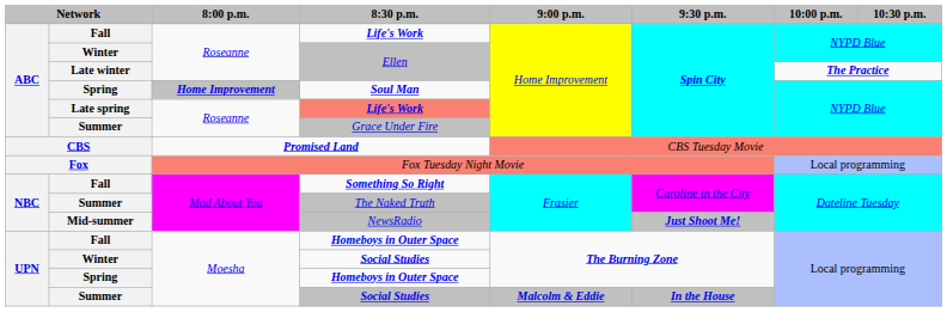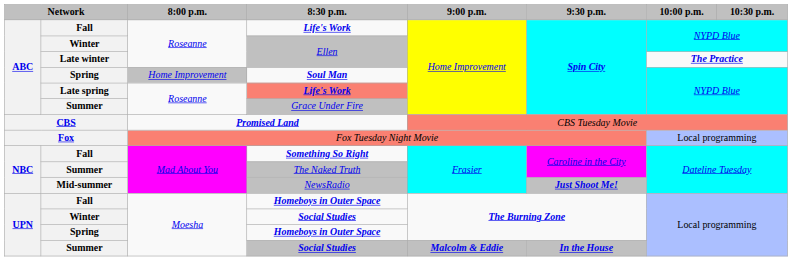 <table class="wikitable" style="width:100%;margin-right:0;text-align:center">
 <tr>
 <th colspan="2" style="background-color:#C0C0C0">Network</th>
 <th style="background-color:#C0C0C0;text-align:center">8:00 p.m.</th>
 <th style="background-color:#C0C0C0;text-align:center">8:30 p.m.</th>
 <th style="background-color:#C0C0C0;text-align:center">9:00 p.m.</th>
 <th style="background-color:#C0C0C0;text-align:center">9:30 p.m.</th>
 <th style="background-color:#C0C0C0;text-align:center">10:00 p.m.</th>
 <th style="background-color:#C0C0C0;text-align:center">10:30 p.m.</th>
 </tr>
 <tr>
 <th rowspan="6"><a href='#'>ABC</a></th>
 <th>Fall</th>
 <td rowspan="3"><em><a href='#'>Roseanne</a></em></td>
 <td><strong><em><a href='#'>Life's Work</a></em></strong></td>
 <td rowspan="6" style="background:yellow;"><em><a href='#'>Home Improvement</a></em> </td>
 <td rowspan="6" style="background:cyan;"><strong><em><a href='#'>Spin City</a></em></strong> </td>
 <td rowspan="2" colspan="2" style="background:cyan;"><em><a href='#'>NYPD Blue</a></em> </td>
 </tr>
 <tr>
 <th>Winter</th>
 <td rowspan="2" style="background:#C0C0C0;"><em><a href='#'>Ellen</a></em> </td>
 </tr>
 <tr>
 <th>Late winter</th>
 <td colspan="2"><strong><em><a href='#'>The Practice</a></em></strong></td>
 </tr>
 <tr>
 <th>Spring</th>
-<td style="background:#C0C0C0;"><strong><em><a href='#'>Home Improvement</a></em> </strong></td>
+<td style="background:#C0C0C0;"><em><a href='#'>Home Improvement</a></em> </td>
 <td><strong><em><a href='#'>Soul Man</a></em></strong></td>
 <td rowspan="3" colspan="2" style="background:cyan;"><em><a href='#'>NYPD Blue</a></em> </td>
 </tr>
 <tr>
 <th>Late spring</th>
 <td rowspan="2"><em><a href='#'>Roseanne</a></em></td>
 <td style="background:#FA8072;"><strong><em><a href='#'>Life's Work</a></em></strong></td>
 </tr>
 <tr>
 <th>Summer</th>
 <td style="background:#C0C0C0;"><em><a href='#'>Grace Under Fire</a></em> </td>
 </tr>
 <tr>
 <th colspan="2"><a href='#'>CBS</a></th>
 <td colspan="2"><strong><em><a href='#'>Promised Land</a></em></strong></td>
 <td colspan="4" style="background:#FA8072;"><em>CBS Tuesday Movie</em></td>
 </tr>
 <tr>
 <th colspan="2"><a href='#'>Fox</a></th>
 <td colspan="4" style="background:#FA8072;"><em>Fox Tuesday Night Movie</em></td>
 <td colspan="2" style="background:#abbfff;">Local programming</td>
 </tr>
 <tr>
 <th rowspan="3"><a href='#'>NBC</a></th>
 <th>Fall</th>
 <td rowspan="3" style="background:magenta;"><em><a href='#'>Mad About You</a></em> </td>
 <td><strong><em><a href='#'>Something So Right</a></em></strong></td>
 <td rowspan="3" style="background:cyan;"><em><a href='#'>Frasier</a></em> </td>
 <td rowspan="2" style="background:magenta;"><em><a href='#'>Caroline in the City</a></em> </td>
 <td colspan="2" rowspan="3" style="background:cyan;"><em><a href='#'>Dateline Tuesday</a></em> </td>
 </tr>
 <tr>
 <th>Summer</th>
 <td style="background:#C0C0C0;"><em><a href='#'>The Naked Truth</a></em> </td>
 </tr>
 <tr>
 <th>Mid-summer</th>
 <td style="background:#C0C0C0;"><em><a href='#'>NewsRadio</a></em> </td>
 <td style="background:#C0C0C0;"><strong><em><a href='#'>Just Shoot Me!</a></em></strong> </td>
 </tr>
 <tr>
 <th rowspan="4"><a href='#'>UPN</a></th>
 <th>Fall</th>
 <td rowspan="4"><em><a href='#'>Moesha</a></em></td>
 <td><strong><em><a href='#'>Homeboys in Outer Space</a></em></strong></td>
 <td rowspan="3" colspan="2"><strong><em><a href='#'>The Burning Zone</a></em></strong></td>
 <td rowspan="4" colspan="2" style="background:#abbfff;">Local programming</td>
 </tr>
 <tr>
 <th>Winter</th>
 <td><strong><em><a href='#'>Social Studies</a></em></strong></td>
 </tr>
 <tr>
 <th>Spring</th>
 <td><strong><em><a href='#'>Homeboys in Outer Space</a></em></strong></td>
 </tr>
 <tr>
 <th>Summer</th>
 <td style="background:#C0C0C0;"><strong><em><a href='#'>Social Studies</a></em></strong> </td>
 <td style="background:#C0C0C0;"><strong><em><a href='#'>Malcolm & Eddie</a></em></strong> </td>
 <td style="background:#C0C0C0;"><strong><em><a href='#'>In the House</a></em> </strong></td>
 </tr>
 </table>
